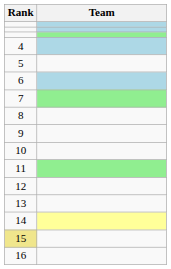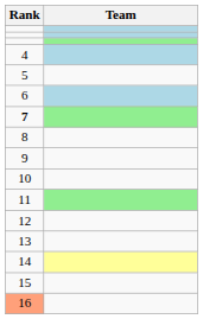 <table class="wikitable" style="text-align: center;">
 <tr>
 <th width=40>Rank</th>
 <th width=180>Team</th>
 </tr>
 <tr>
 <td></td>
 <td bgcolor=lightblue align=left></td>
 </tr>
 <tr>
 <td></td>
 <td bgcolor=lightblue align=left></td>
 </tr>
 <tr>
 <td></td>
 <td bgcolor=lightgreen align=left></td>
 </tr>
 <tr>
 <td>4</td>
 <td bgcolor=lightblue align=left></td>
 </tr>
 <tr>
 <td>5</td>
 <td align=left></td>
 </tr>
 <tr>
 <td>6</td>
 <td bgcolor=lightblue align=left></td>
 </tr>
 <tr>
-<td>7</td>
+<td><strong>7</strong></td>
 <td bgcolor=lightgreen align=left></td>
 </tr>
 <tr>
 <td>8</td>
 <td align=left></td>
 </tr>
 <tr>
 <td>9</td>
 <td align=left></td>
 </tr>
 <tr>
 <td>10</td>
 <td align=left></td>
 </tr>
 <tr>
 <td>11</td>
 <td bgcolor=lightgreen align=left></td>
 </tr>
 <tr>
 <td>12</td>
 <td align=left></td>
 </tr>
 <tr>
 <td>13</td>
 <td align=left></td>
 </tr>
 <tr>
 <td>14</td>
 <td bgcolor=#FFFF99 align=left></td>
 </tr>
 <tr>
-<td style="background: khaki;">15</td>
+<td>15</td>
 <td align=left></td>
 </tr>
 <tr>
-<td>16</td>
+<td style="background: lightsalmon;">16</td>
 <td align=left></td>
 </tr>
 </table>
